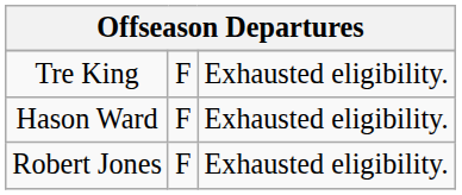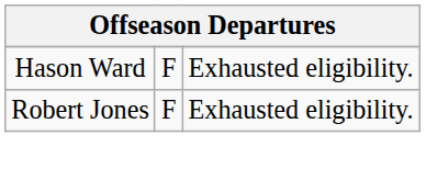 <table class="wikitable" style="text-align: center">
 <tr>
 <th colspan=3>Offseason Departures</th>
 </tr>
 <tr>
-</tr>
-<tr>
-<td>Tre King</td>
-<td>F</td>
-<td>Exhausted eligibility.</td>
 </tr>
 <tr>
 <td>Hason Ward</td>
 <td>F</td>
 <td>Exhausted eligibility.</td>
 </tr>
 <tr>
 <td>Robert Jones</td>
 <td>F</td>
 <td>Exhausted eligibility.</td>
 </tr>
 </table>
